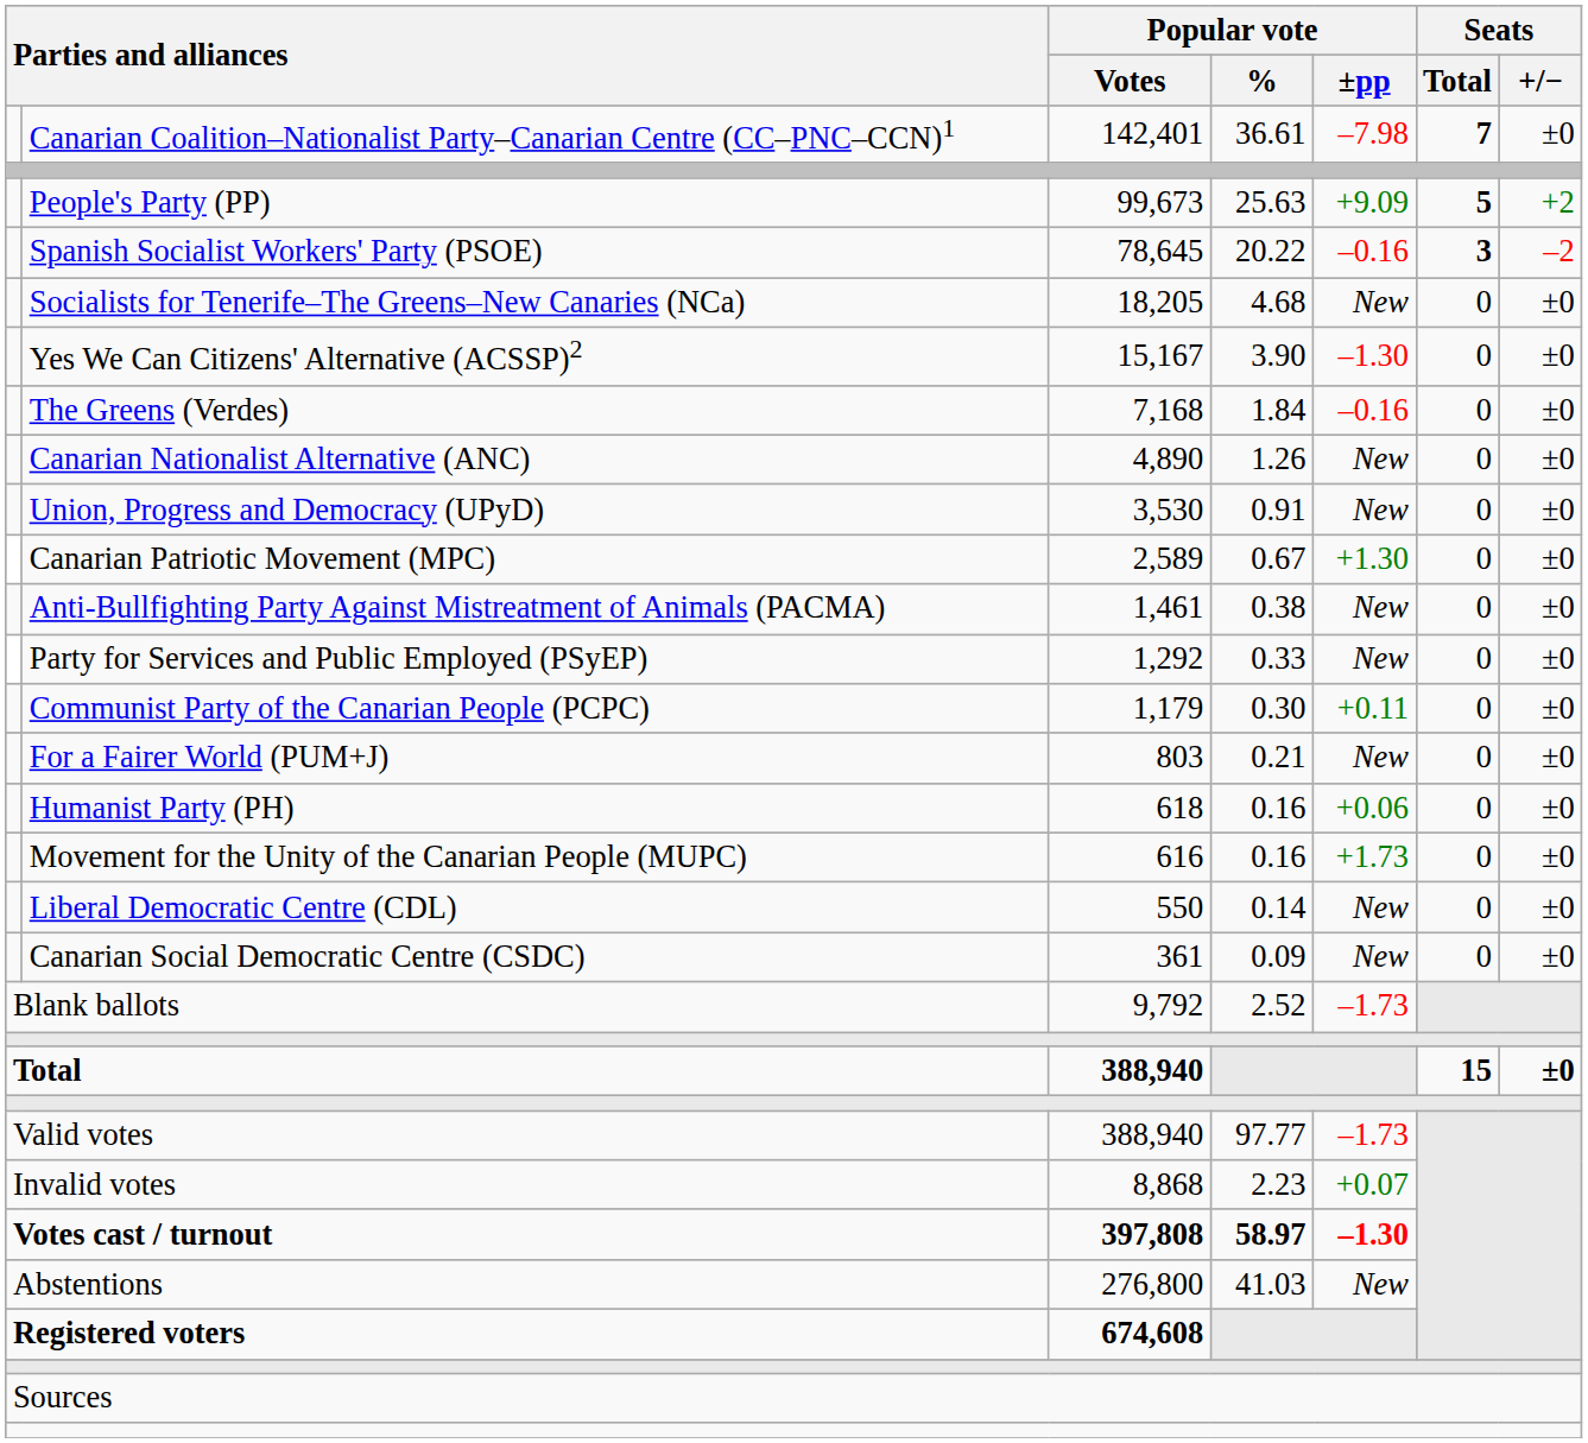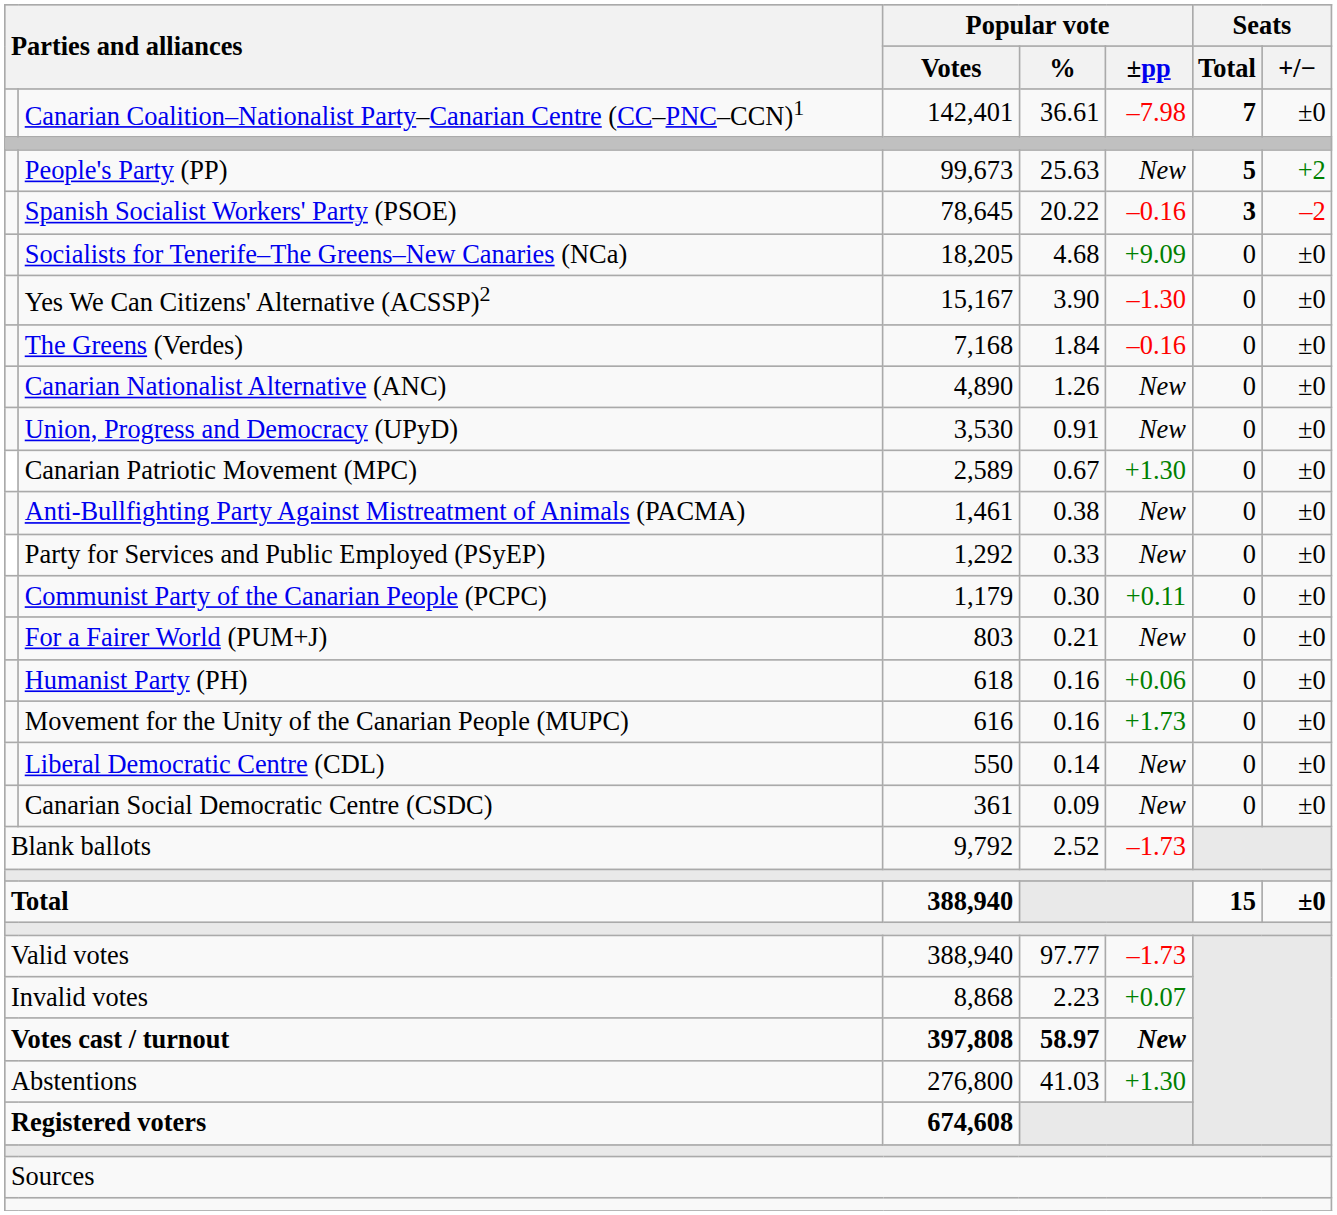 <table class="wikitable" style="text-align:right;">
 <tr>
 <th style="text-align:left;" rowspan="2" colspan="2" width="525">Parties and alliances</th>
 <th colspan="3">Popular vote</th>
 <th colspan="2">Seats</th>
 </tr>
 <tr>
 <th width="75">Votes</th>
 <th width="45">%</th>
 <th width="45">±<a href='#'>pp</a></th>
 <th width="35">Total</th>
 <th width="35">+/−</th>
 </tr>
 <tr>
 <td width="1" style="color:inherit;background:"></td>
 <td align="left"><a href='#'>Canarian Coalition–Nationalist Party</a>–<a href='#'>Canarian Centre</a> (<a href='#'>CC</a>–<a href='#'>PNC</a>–CCN)<sup>1</sup></td>
 <td>142,401</td>
 <td>36.61</td>
 <td style="color:red;">–7.98</td>
 <td><strong>7</strong></td>
 <td>±0</td>
 </tr>
 <tr>
 <td colspan="7" bgcolor="#C0C0C0"></td>
 </tr>
 <tr>
 <td style="color:inherit;background:"></td>
 <td align="left"><a href='#'>People's Party</a> (PP)</td>
 <td>99,673</td>
 <td>25.63</td>
-<td style="color:green;">+9.09</td>
+<td><em>New</em></td>
 <td><strong>5</strong></td>
 <td style="color:green;">+2</td>
 </tr>
 <tr>
 <td style="color:inherit;background:"></td>
 <td align="left"><a href='#'>Spanish Socialist Workers' Party</a> (PSOE)</td>
 <td>78,645</td>
 <td>20.22</td>
 <td style="color:red;">–0.16</td>
 <td><strong>3</strong></td>
 <td style="color:red;">–2</td>
 </tr>
 <tr>
 <td style="color:inherit;background:"></td>
 <td align="left"><a href='#'>Socialists for Tenerife–The Greens–New Canaries</a> (NCa)</td>
 <td>18,205</td>
 <td>4.68</td>
-<td><em>New</em></td>
+<td style="color:green;">+9.09</td>
 <td>0</td>
 <td>±0</td>
 </tr>
 <tr>
 <td style="color:inherit;background:"></td>
 <td align="left">Yes We Can Citizens' Alternative (ACSSP)<sup>2</sup></td>
 <td>15,167</td>
 <td>3.90</td>
 <td style="color:red;">–1.30</td>
 <td>0</td>
 <td>±0</td>
 </tr>
 <tr>
 <td style="color:inherit;background:"></td>
 <td align="left"><a href='#'>The Greens</a> (Verdes)</td>
 <td>7,168</td>
 <td>1.84</td>
 <td style="color:red;">–0.16</td>
 <td>0</td>
 <td>±0</td>
 </tr>
 <tr>
 <td style="color:inherit;background:"></td>
 <td align="left"><a href='#'>Canarian Nationalist Alternative</a> (ANC)</td>
 <td>4,890</td>
 <td>1.26</td>
 <td><em>New</em></td>
 <td>0</td>
 <td>±0</td>
 </tr>
 <tr>
 <td style="color:inherit;background:"></td>
 <td align="left"><a href='#'>Union, Progress and Democracy</a> (UPyD)</td>
 <td>3,530</td>
 <td>0.91</td>
 <td><em>New</em></td>
 <td>0</td>
 <td>±0</td>
 </tr>
 <tr>
 <td bgcolor="white"></td>
 <td align="left">Canarian Patriotic Movement (MPC)</td>
 <td>2,589</td>
 <td>0.67</td>
 <td style="color:green;">+1.30</td>
 <td>0</td>
 <td>±0</td>
 </tr>
 <tr>
 <td style="color:inherit;background:"></td>
 <td align="left"><a href='#'>Anti-Bullfighting Party Against Mistreatment of Animals</a> (PACMA)</td>
 <td>1,461</td>
 <td>0.38</td>
 <td><em>New</em></td>
 <td>0</td>
 <td>±0</td>
 </tr>
 <tr>
 <td bgcolor="white"></td>
 <td align="left">Party for Services and Public Employed (PSyEP)</td>
 <td>1,292</td>
 <td>0.33</td>
 <td><em>New</em></td>
 <td>0</td>
 <td>±0</td>
 </tr>
 <tr>
 <td style="color:inherit;background:"></td>
 <td align="left"><a href='#'>Communist Party of the Canarian People</a> (PCPC)</td>
 <td>1,179</td>
 <td>0.30</td>
 <td style="color:green;">+0.11</td>
 <td>0</td>
 <td>±0</td>
 </tr>
 <tr>
 <td style="color:inherit;background:"></td>
 <td align="left"><a href='#'>For a Fairer World</a> (PUM+J)</td>
 <td>803</td>
 <td>0.21</td>
 <td><em>New</em></td>
 <td>0</td>
 <td>±0</td>
 </tr>
 <tr>
 <td style="color:inherit;background:"></td>
 <td align="left"><a href='#'>Humanist Party</a> (PH)</td>
 <td>618</td>
 <td>0.16</td>
 <td style="color:green;">+0.06</td>
 <td>0</td>
 <td>±0</td>
 </tr>
 <tr>
 <td style="color:inherit;background:"></td>
 <td align="left">Movement for the Unity of the Canarian People (MUPC)</td>
 <td>616</td>
 <td>0.16</td>
 <td style="color:green;">+1.73</td>
 <td>0</td>
 <td>±0</td>
 </tr>
 <tr>
 <td style="color:inherit;background:"></td>
 <td align="left"><a href='#'>Liberal Democratic Centre</a> (CDL)</td>
 <td>550</td>
 <td>0.14</td>
 <td><em>New</em></td>
 <td>0</td>
 <td>±0</td>
 </tr>
 <tr>
 <td style="color:inherit;background:"></td>
 <td align="left">Canarian Social Democratic Centre (CSDC)</td>
 <td>361</td>
 <td>0.09</td>
 <td><em>New</em></td>
 <td>0</td>
 <td>±0</td>
 </tr>
 <tr>
 <td align="left" colspan="2">Blank ballots</td>
 <td>9,792</td>
 <td>2.52</td>
 <td style="color:red;">–1.73</td>
 <td bgcolor="#E9E9E9" colspan="2"></td>
 </tr>
 <tr>
 <td colspan="7" bgcolor="#E9E9E9"></td>
 </tr>
 <tr style="font-weight:bold;">
 <td align="left" colspan="2">Total</td>
 <td>388,940</td>
 <td bgcolor="#E9E9E9" colspan="2"></td>
 <td>15</td>
 <td>±0</td>
 </tr>
 <tr>
 <td colspan="7" bgcolor="#E9E9E9"></td>
 </tr>
 <tr>
 <td align="left" colspan="2">Valid votes</td>
 <td>388,940</td>
 <td>97.77</td>
 <td style="color:red;">–1.73</td>
 <td bgcolor="#E9E9E9" colspan="2" rowspan="5"></td>
 </tr>
 <tr>
 <td align="left" colspan="2">Invalid votes</td>
 <td>8,868</td>
 <td>2.23</td>
 <td style="color:green;">+0.07</td>
 </tr>
 <tr style="font-weight:bold;">
 <td align="left" colspan="2">Votes cast / turnout</td>
 <td>397,808</td>
 <td>58.97</td>
-<td style="color:red;">–1.30</td>
+<td><em>New</em></td>
 </tr>
 <tr>
 <td align="left" colspan="2">Abstentions</td>
 <td>276,800</td>
 <td>41.03</td>
-<td><em>New</em></td>
+<td style="color:green;">+1.30</td>
 </tr>
 <tr style="font-weight:bold;">
 <td align="left" colspan="2">Registered voters</td>
 <td>674,608</td>
 <td bgcolor="#E9E9E9" colspan="2"></td>
 </tr>
 <tr>
 <td colspan="7" bgcolor="#E9E9E9"></td>
 </tr>
 <tr>
 <td align="left" colspan="7">Sources</td>
 </tr>
 <tr>
 <td colspan="7" style="text-align:left; max-width:790px;"></td>
 </tr>
 </table>
